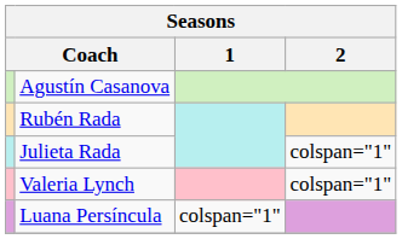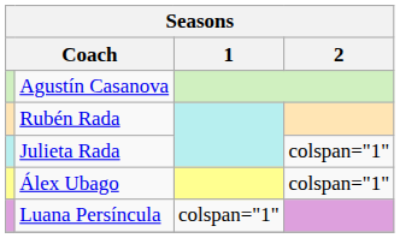 <table class="wikitable">
 <tr>
 <th colspan="4">Seasons</th>
 </tr>
 <tr>
 <th colspan="2">Coach</th>
 <th width="60">1</th>
 <th width="60">2</th>
 </tr>
 <tr>
 <td style="background:#d0f0c0"></td>
 <td><a href='#'>Agustín Casanova</a></td>
 <td colspan="2" bgcolor="#d0f0c0"></td>
 </tr>
 <tr>
 <td style="background:#ffe5b4"></td>
 <td><a href='#'>Rubén Rada</a></td>
 <td rowspan="2" bgcolor="#b7efef"></td>
 <td colspan="1" bgcolor="#ffe5b4"></td>
 </tr>
 <tr>
 <td style="background:#b7efef"></td>
 <td><a href='#'>Julieta Rada</a></td>
 <td>colspan="1" </td>
 </tr>
 <tr>
-<td style="background:pink"></td>
-<td><a href='#'>Valeria Lynch</a></td>
-<td colspan="1" bgcolor="pink"></td>
+<td style="background:#FFFF90"></td>
+<td><a href='#'>Álex Ubago</a></td>
+<td colspan="1" bgcolor="#FFFF90"></td>
 <td>colspan="1" </td>
 </tr>
 <tr>
 <td style="background:#dda0dd"></td>
 <td><a href='#'>Luana Persíncula</a></td>
 <td>colspan="1" </td>
 <td style="background:#dda0dd"></td>
 </tr>
 <tr>
 </tr>
 </table>
